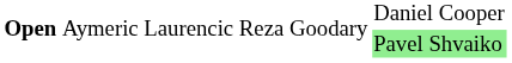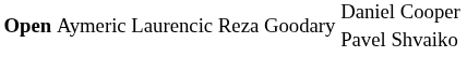 <table>
 <tr>
 <th scope=row rowspan=2>Open</th>
 <td rowspan=2> Aymeric Laurencic</td>
 <td rowspan=2> Reza Goodary</td>
 <td> Daniel Cooper</td>
 </tr>
 <tr>
-<td style="background: lightgreen;"> Pavel Shvaiko</td>
+<td> Pavel Shvaiko</td>
 </tr>
 <tr>
 </tr>
 </table>
